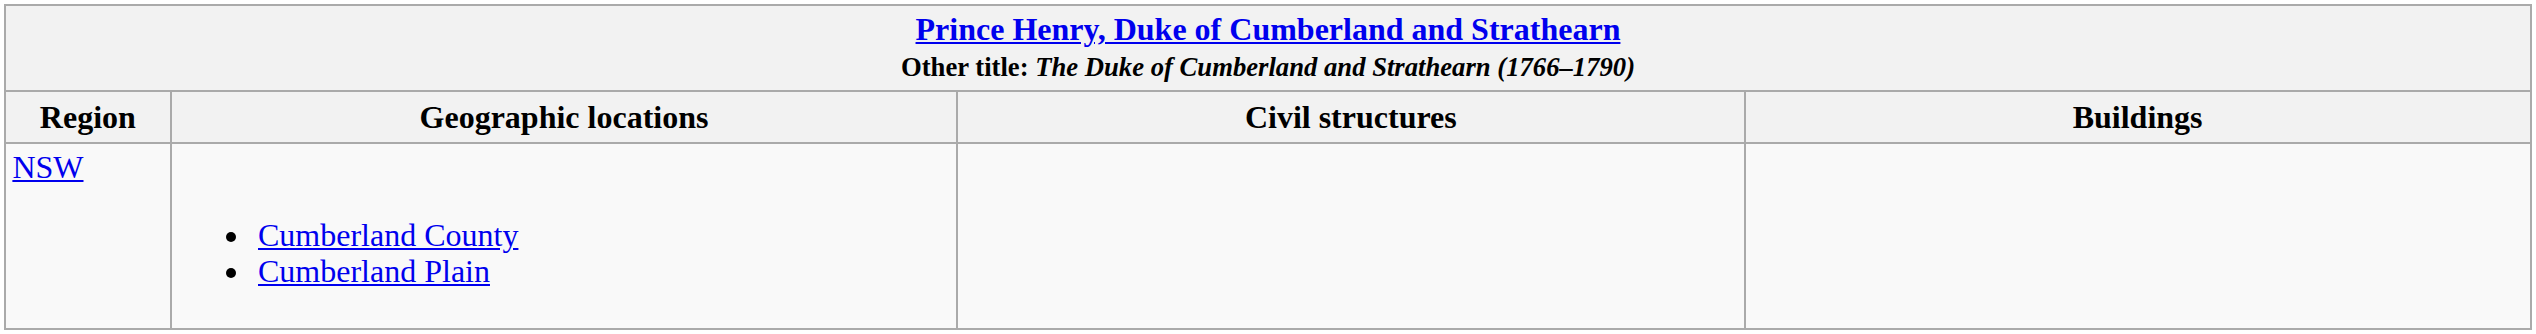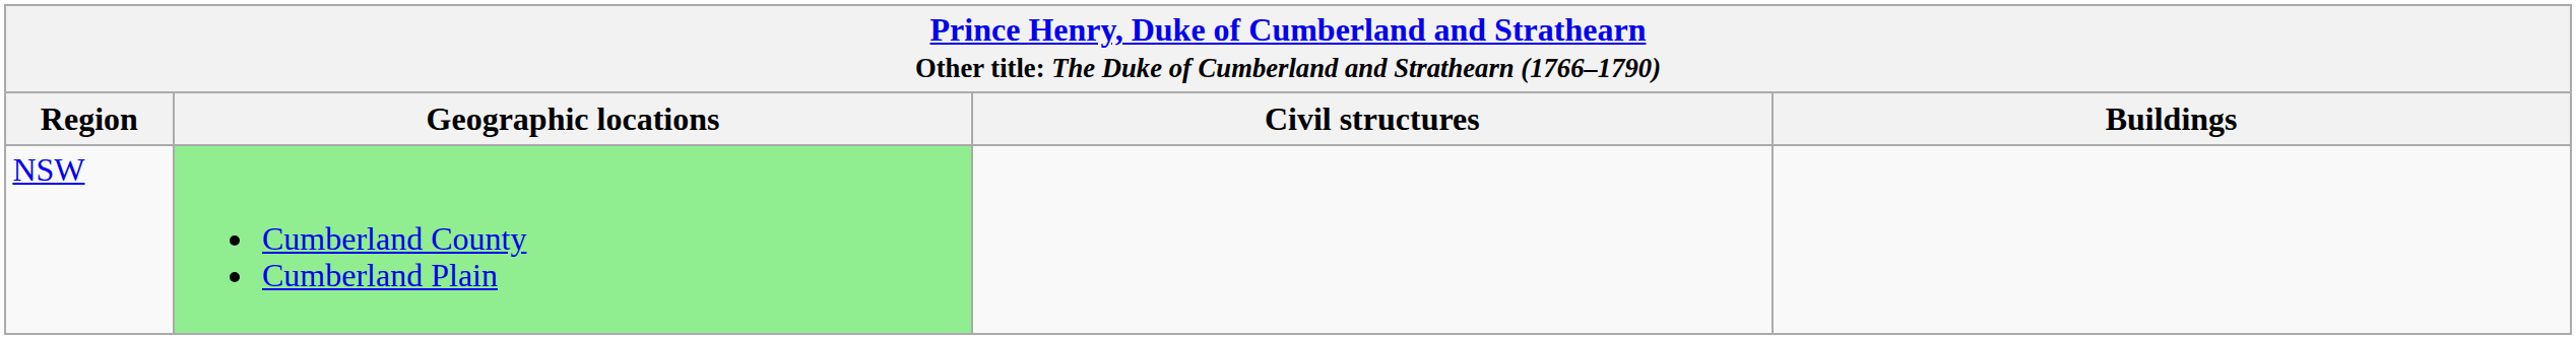 <table class="wikitable" width="100%">
 <tr>
 <th colspan="4"> <a href='#'>Prince Henry, Duke of Cumberland and Strathearn</a><br><small>Other title: <em>The Duke of Cumberland and Strathearn (1766–1790)</em></small></th>
 </tr>
 <tr>
 <th width="5%">Region</th>
 <th width="23.75%">Geographic locations</th>
 <th width="23.75%">Civil structures</th>
 <th width="23.75%">Buildings</th>
 </tr>
 <tr>
 <td align=left valign=top> <a href='#'>NSW</a></td>
-<td><br><ul><li><a href='#'>Cumberland County</a></li><li><a href='#'>Cumberland Plain</a></li></ul></td>
+<td style="background: lightgreen;"><br><ul><li><a href='#'>Cumberland County</a></li><li><a href='#'>Cumberland Plain</a></li></ul></td>
 <td></td>
 <td></td>
 </tr>
 </table>
